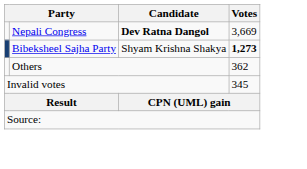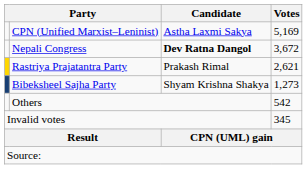 <table class="wikitable">
 <tr>
 <th colspan="2">Party</th>
 <th>Candidate</th>
 <th>Votes</th>
 </tr>
 <tr>
 <td style="background-color:"></td>
+<td><a href='#'>CPN (Unified Marxist–Leninist)</a></td>
+<td><a href='#'>Astha Laxmi Sakya</a></td>
+<td>5,169</td>
+</tr>
+<tr>
+<td style="background-color:"></td>
 <td><a href='#'>Nepali Congress</a></td>
 <td><strong>Dev Ratna Dangol</strong></td>
-<td>3,669</td>
+<td>3,672</td>
+</tr>
+<tr>
+<td style="background-color:gold"></td>
+<td><a href='#'>Rastriya Prajatantra Party</a></td>
+<td>Prakash Rimal</td>
+<td>2,621</td>
 </tr>
 <tr>
 <td style="background-color:#183F73"></td>
 <td><a href='#'>Bibeksheel Sajha Party</a></td>
 <td>Shyam Krishna Shakya</td>
-<td><strong>1,273</strong></td>
+<td>1,273</td>
 </tr>
 <tr>
 <td></td>
 <td colspan="2">Others</td>
-<td>362</td>
+<td>542</td>
 </tr>
 <tr>
 <td colspan="3">Invalid votes</td>
 <td>345</td>
 </tr>
 <tr>
 <th colspan="2">Result</th>
 <th colspan="2">CPN (UML) gain</th>
 </tr>
 <tr>
 <td colspan="4">Source: </td>
 </tr>
 </table>
